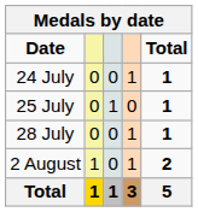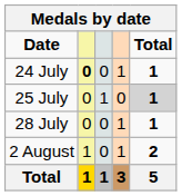 <table class="wikitable" style="font-size:85%">
 <tr bgcolor="#efefef">
 <th colspan=6>Medals by date</th>
 </tr>
 <tr align=center>
 <td><strong>Date</strong></td>
 <td bgcolor=#f7f6a8></td>
 <td bgcolor=#dce5e5></td>
 <td bgcolor=#ffdab9></td>
 <td><strong>Total</strong></td>
 </tr>
 <tr align=center>
 <td>24 July</td>
-<td style="background:#F7F6A8;">0</td>
+<td style="background:#F7F6A8;"><strong>0</strong></td>
 <td style="background:#DCE5E5;">0</td>
 <td style="background:#FFDAB9;">1</td>
 <td><strong>1</strong></td>
 </tr>
 <tr align=center>
 <td>25 July</td>
 <td style="background:#F7F6A8;">0</td>
 <td style="background:#DCE5E5;">1</td>
 <td style="background:#FFDAB9;">0</td>
-<td><strong>1</strong></td>
+<td style="background: lightgrey;"><strong>1</strong></td>
 </tr>
 <tr align=center>
 <td>28 July</td>
 <td style="background:#F7F6A8;">0</td>
 <td style="background:#DCE5E5;">0</td>
 <td style="background:#FFDAB9;">1</td>
 <td><strong>1</strong></td>
 </tr>
 <tr align=center>
 <td>2 August</td>
 <td style="background:#F7F6A8;">1</td>
 <td style="background:#DCE5E5;">0</td>
 <td style="background:#FFDAB9;">1</td>
 <td><strong>2</strong></td>
 </tr>
 <tr align=center>
 <th><strong>Total</strong></th>
 <th style="background:gold;"><strong>1</strong></th>
 <th style="background:silver;"><strong>1</strong></th>
 <th style="background:#c96;"><strong>3</strong></th>
 <th>5</th>
 </tr>
 </table>
